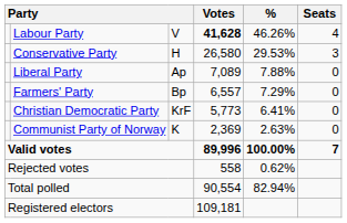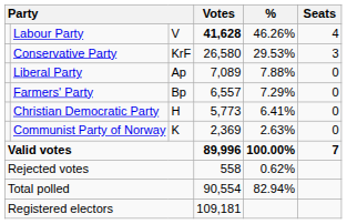 <table class="wikitable" border="1" style="text-align:right;">
 <tr>
 <th style="text-align:left;" colspan=3>Party</th>
 <th align=center width="50">Votes</th>
 <th align=center width="50">%</th>
 <th align=center width="50">Seats</th>
 </tr>
 <tr>
 <td style="color:inherit;background:"></td>
 <td align=left><a href='#'>Labour Party</a></td>
 <td align=left>V</td>
 <td><strong>41,628</strong></td>
 <td>46.26%</td>
 <td>4</td>
 </tr>
 <tr>
 <td style="color:inherit;background:"></td>
 <td align=left><a href='#'>Conservative Party</a></td>
-<td align=left>H</td>
+<td align=left>KrF</td>
 <td>26,580</td>
 <td>29.53%</td>
 <td>3</td>
 </tr>
 <tr>
 <td style="color:inherit;background:"></td>
 <td align=left><a href='#'>Liberal Party</a></td>
 <td align=left>Ap</td>
 <td>7,089</td>
 <td>7.88%</td>
 <td>0</td>
 </tr>
 <tr>
 <td style="color:inherit;background:"></td>
 <td align=left><a href='#'>Farmers' Party</a></td>
 <td align=left>Bp</td>
 <td>6,557</td>
 <td>7.29%</td>
 <td>0</td>
 </tr>
 <tr>
 <td style="color:inherit;background:"></td>
 <td align=left><a href='#'>Christian Democratic Party</a></td>
-<td align=left>KrF</td>
+<td align=left>H</td>
 <td>5,773</td>
 <td>6.41%</td>
 <td>0</td>
 </tr>
 <tr>
 <td style="color:inherit;background:"></td>
 <td align=left><a href='#'>Communist Party of Norway</a></td>
 <td align=left>K</td>
 <td>2,369</td>
 <td>2.63%</td>
 <td>0</td>
 </tr>
 <tr style="font-weight:bold">
 <td align=left colspan=3>Valid votes</td>
 <td>89,996</td>
 <td>100.00%</td>
 <td>7</td>
 </tr>
 <tr>
 <td align=left colspan=3>Rejected votes</td>
 <td>558</td>
 <td>0.62%</td>
 <td></td>
 </tr>
 <tr>
 <td align=left colspan=3>Total polled</td>
 <td>90,554</td>
 <td>82.94%</td>
 <td></td>
 </tr>
 <tr>
 <td align=left colspan=3>Registered electors</td>
 <td>109,181</td>
 <td></td>
 <td></td>
 </tr>
 </table>
